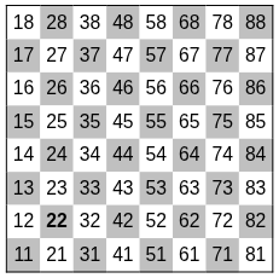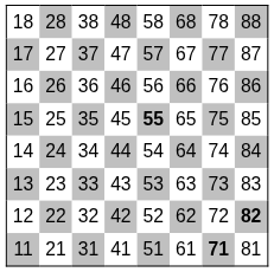 <table style="float: right; margin-left: 1em; border: thin solid black; border-collapse: collapse; text-align: center;">
 <tr>
 <td style="background:white; height:26px; width:26px;">18</td>
 <td style="background:silver; height:26px; width:26px;">28</td>
 <td style="background:white; height:26px; width:26px;">38</td>
 <td style="background:silver; height:26px; width:26px;">48</td>
 <td style="background:white; height:26px; width:26px;">58</td>
 <td style="background:silver; height:26px; width:26px;">68</td>
 <td style="background:white; height:26px; width:26px;">78</td>
 <td style="background:silver; height:26px; width:26px;">88</td>
 </tr>
 <tr>
 <td style="background:silver; height:26px; width:26px;">17</td>
 <td style="background:white;">27</td>
 <td style="background:silver;">37</td>
 <td style="background:white;">47</td>
 <td style="background:silver;">57</td>
 <td style="background:white;">67</td>
 <td style="background:silver;">77</td>
 <td style="background:white;">87</td>
 </tr>
 <tr>
 <td style="background:white; height:26px; width:26px;">16</td>
 <td style="background:silver;">26</td>
 <td style="background:white;">36</td>
 <td style="background:silver;">46</td>
 <td style="background:white;">56</td>
 <td style="background:silver;">66</td>
 <td style="background:white;">76</td>
 <td style="background:silver;">86</td>
 </tr>
 <tr>
 <td style="background:silver; height:26px; width:26px;">15</td>
 <td style="background:white;">25</td>
 <td style="background:silver;">35</td>
 <td style="background:white;">45</td>
-<td style="background:silver;">55</td>
+<td style="background:silver;"><strong>55</strong></td>
 <td style="background:white;">65</td>
 <td style="background:silver;">75</td>
 <td style="background:white;">85</td>
 </tr>
 <tr>
 <td style="background:white; height:26px; width:26px;">14</td>
 <td style="background:silver;">24</td>
 <td style="background:white;">34</td>
 <td style="background:silver;">44</td>
 <td style="background:white;">54</td>
 <td style="background:silver;">64</td>
 <td style="background:white;">74</td>
 <td style="background:silver;">84</td>
 </tr>
 <tr>
 <td style="background:silver; height:26px; width:26px;">13</td>
 <td style="background:white;">23</td>
 <td style="background:silver;">33</td>
 <td style="background:white;">43</td>
 <td style="background:silver;">53</td>
 <td style="background:white;">63</td>
 <td style="background:silver;">73</td>
 <td style="background:white;">83</td>
 </tr>
 <tr>
 <td style="background:white; height:26px; width:26px;">12</td>
-<td style="background:silver;"><strong>22</strong></td>
+<td style="background:silver;">22</td>
 <td style="background:white;">32</td>
 <td style="background:silver;">42</td>
 <td style="background:white;">52</td>
 <td style="background:silver;">62</td>
 <td style="background:white;">72</td>
-<td style="background:silver;">82</td>
+<td style="background:silver;"><strong>82</strong></td>
 </tr>
 <tr>
 <td style="background:silver; height:26px; width:26px;">11</td>
 <td style="background:white;">21</td>
 <td style="background:silver;">31</td>
 <td style="background:white;">41</td>
 <td style="background:silver;">51</td>
 <td style="background:white;">61</td>
-<td style="background:silver;">71</td>
+<td style="background:silver;"><strong>71</strong></td>
 <td style="background:white;">81</td>
 </tr>
 </table>
